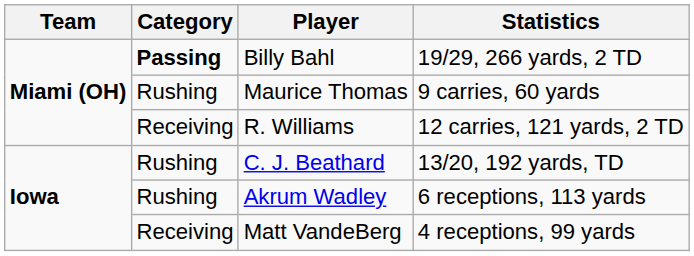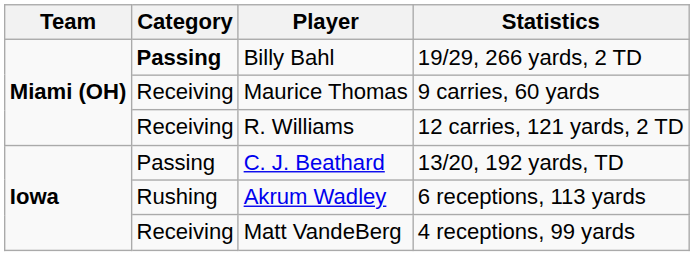 <table class="wikitable" style="float: left;">
 <tr>
 <th>Team</th>
 <th>Category</th>
 <th>Player</th>
 <th>Statistics</th>
 </tr>
 <tr>
 <td rowspan=3><strong>Miami (OH)</strong></td>
 <td><strong>Passing</strong></td>
 <td>Billy Bahl</td>
 <td>19/29, 266 yards, 2 TD</td>
 </tr>
 <tr>
-<td>Rushing</td>
+<td>Receiving</td>
 <td>Maurice Thomas</td>
 <td>9 carries, 60 yards</td>
 </tr>
 <tr>
 <td>Receiving</td>
 <td>R. Williams</td>
 <td>12 carries, 121 yards, 2 TD</td>
 </tr>
 <tr>
 <td rowspan=3><strong>Iowa</strong></td>
-<td>Rushing</td>
+<td>Passing</td>
 <td><a href='#'>C. J. Beathard</a></td>
 <td>13/20, 192 yards, TD</td>
 </tr>
 <tr>
 <td>Rushing</td>
 <td><a href='#'>Akrum Wadley</a></td>
 <td>6 receptions, 113 yards</td>
 </tr>
 <tr>
 <td>Receiving</td>
 <td>Matt VandeBerg</td>
 <td>4 receptions, 99 yards</td>
 </tr>
 </table>
